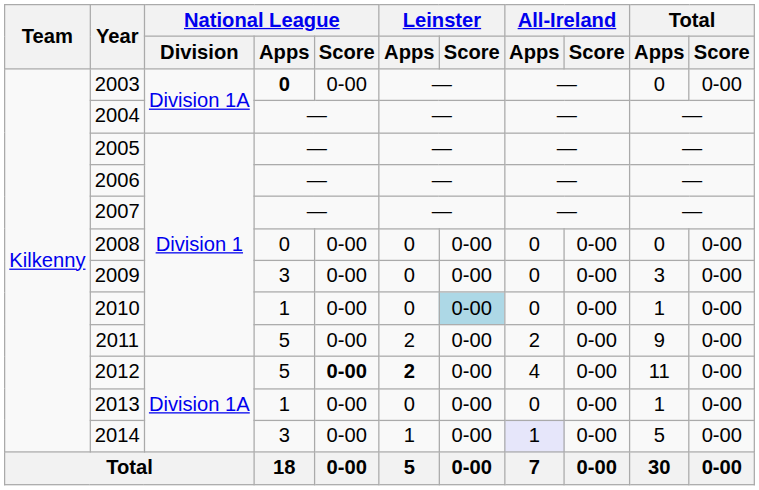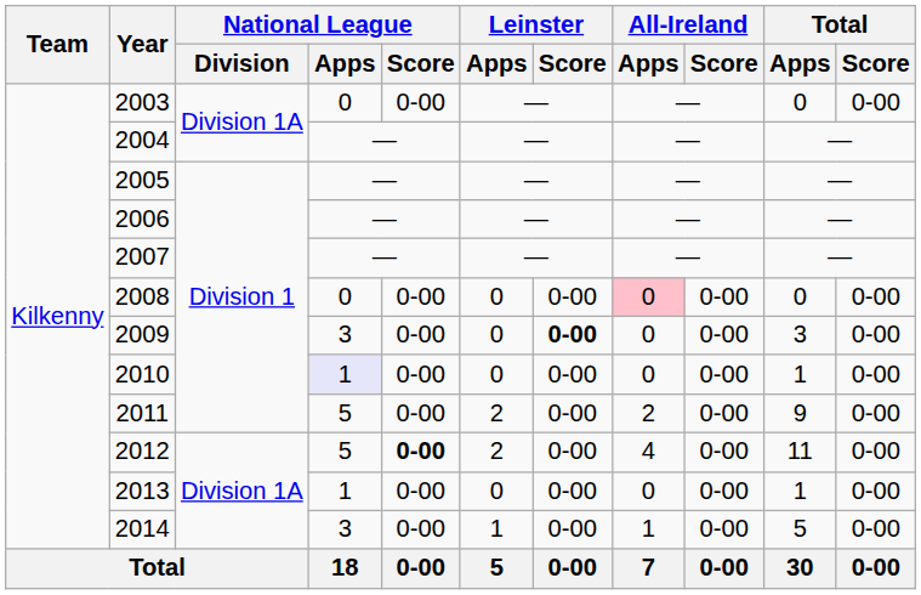 <table class="wikitable" style="text-align:center">
 <tr>
 <th rowspan="2">Team</th>
 <th rowspan="2">Year</th>
 <th colspan="3"><a href='#'>National League</a></th>
 <th colspan="2"><a href='#'>Leinster</a></th>
 <th colspan="2"><a href='#'>All-Ireland</a></th>
 <th colspan="2">Total</th>
 </tr>
 <tr>
 <th>Division</th>
 <th>Apps</th>
 <th>Score</th>
 <th>Apps</th>
 <th>Score</th>
 <th>Apps</th>
 <th>Score</th>
 <th>Apps</th>
 <th>Score</th>
 </tr>
 <tr>
 <td rowspan="12"><a href='#'>Kilkenny</a></td>
 <td>2003</td>
 <td rowspan="2"><a href='#'>Division 1A</a></td>
-<td><strong>0</strong></td>
+<td>0</td>
 <td>0-00</td>
 <td colspan=2>—</td>
 <td colspan=2>—</td>
 <td>0</td>
 <td>0-00</td>
 </tr>
 <tr>
 <td>2004</td>
 <td colspan=2>—</td>
 <td colspan=2>—</td>
 <td colspan=2>—</td>
 <td colspan=2>—</td>
 </tr>
 <tr>
 <td>2005</td>
 <td rowspan="7"><a href='#'>Division 1</a></td>
 <td colspan=2>—</td>
 <td colspan=2>—</td>
 <td colspan=2>—</td>
 <td colspan=2>—</td>
 </tr>
 <tr>
 <td>2006</td>
 <td colspan=2>—</td>
 <td colspan=2>—</td>
 <td colspan=2>—</td>
 <td colspan=2>—</td>
 </tr>
 <tr>
 <td>2007</td>
 <td colspan=2>—</td>
 <td colspan=2>—</td>
 <td colspan=2>—</td>
 <td colspan=2>—</td>
 </tr>
 <tr>
 <td>2008</td>
 <td>0</td>
 <td>0-00</td>
 <td>0</td>
 <td>0-00</td>
-<td>0</td>
+<td style="background: pink;">0</td>
 <td>0-00</td>
 <td>0</td>
 <td>0-00</td>
 </tr>
 <tr>
 <td>2009</td>
 <td>3</td>
 <td>0-00</td>
 <td>0</td>
-<td>0-00</td>
+<td><strong>0-00</strong></td>
 <td>0</td>
 <td>0-00</td>
 <td>3</td>
 <td>0-00</td>
 </tr>
 <tr>
 <td>2010</td>
-<td>1</td>
+<td style="background: lavender;">1</td>
 <td>0-00</td>
 <td>0</td>
-<td style="background: lightblue;">0-00</td>
+<td>0-00</td>
 <td>0</td>
 <td>0-00</td>
 <td>1</td>
 <td>0-00</td>
 </tr>
 <tr>
 <td>2011</td>
 <td>5</td>
 <td>0-00</td>
 <td>2</td>
 <td>0-00</td>
 <td>2</td>
 <td>0-00</td>
 <td>9</td>
 <td>0-00</td>
 </tr>
 <tr>
 <td>2012</td>
 <td rowspan="3"><a href='#'>Division 1A</a></td>
 <td>5</td>
 <td><strong>0-00</strong></td>
-<td><strong>2</strong></td>
+<td>2</td>
 <td>0-00</td>
 <td>4</td>
 <td>0-00</td>
 <td>11</td>
 <td>0-00</td>
 </tr>
 <tr>
 <td>2013</td>
 <td>1</td>
 <td>0-00</td>
 <td>0</td>
 <td>0-00</td>
 <td>0</td>
 <td>0-00</td>
 <td>1</td>
 <td>0-00</td>
 </tr>
 <tr>
 <td>2014</td>
 <td>3</td>
 <td>0-00</td>
 <td>1</td>
 <td>0-00</td>
-<td style="background: lavender;">1</td>
+<td>1</td>
 <td>0-00</td>
 <td>5</td>
 <td>0-00</td>
 </tr>
 <tr>
 <th colspan="3">Total</th>
 <th>18</th>
 <th>0-00</th>
 <th>5</th>
 <th>0-00</th>
 <th>7</th>
 <th>0-00</th>
 <th>30</th>
 <th>0-00</th>
 </tr>
 </table>
